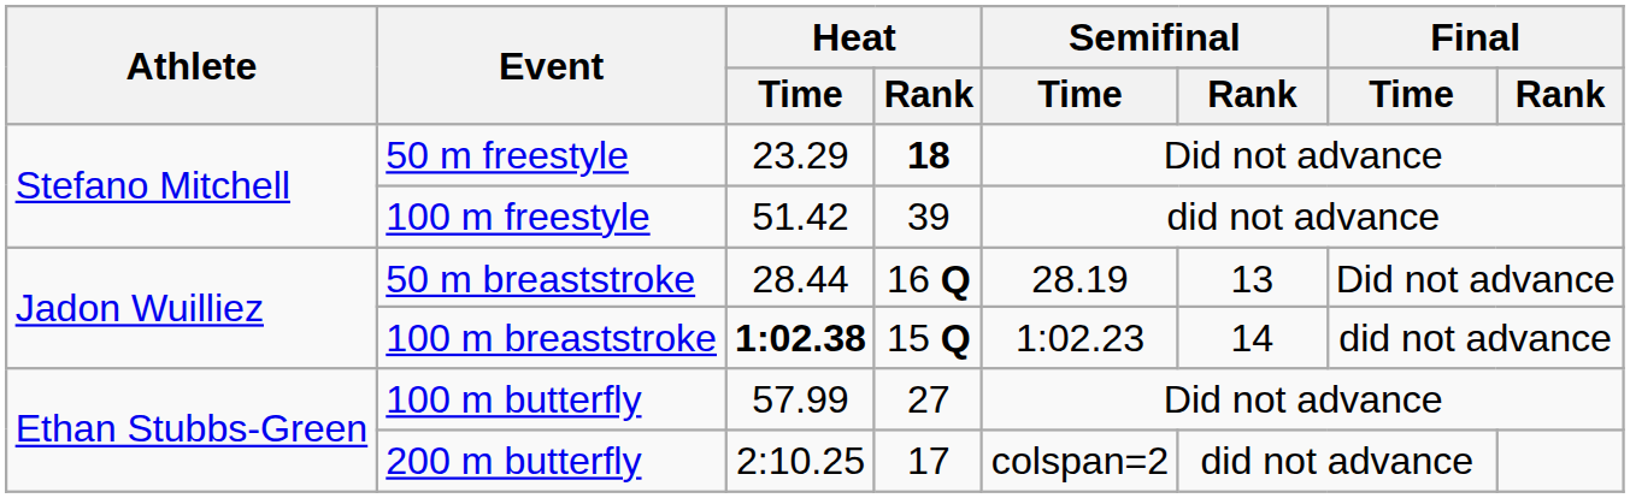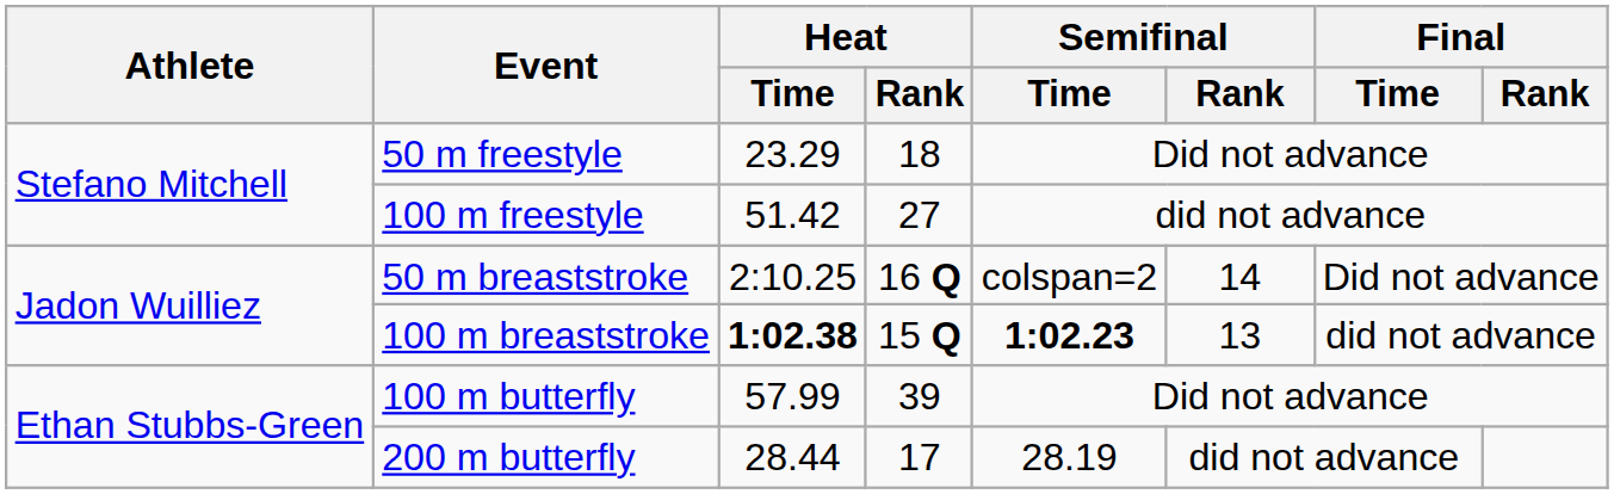 <table class=wikitable style=font-size:90%>
 <tr>
 <th rowspan=2>Athlete</th>
 <th rowspan=2>Event</th>
 <th colspan=2>Heat</th>
 <th colspan=2>Semifinal</th>
 <th colspan=2>Final</th>
 </tr>
 <tr style=font-size:95%>
 <th>Time</th>
 <th>Rank</th>
 <th>Time</th>
 <th>Rank</th>
 <th>Time</th>
 <th>Rank</th>
 </tr>
 <tr align=center>
 <td align=left rowspan=2><a href='#'>Stefano Mitchell</a></td>
 <td align=left rowspan="1"><a href='#'>50 m freestyle</a></td>
 <td>23.29</td>
-<td><strong>18</strong></td>
+<td>18</td>
 <td colspan="4">Did not advance</td>
 </tr>
 <tr align=center>
 <td align=left rowspan="1"><a href='#'>100 m freestyle</a></td>
 <td>51.42</td>
-<td>39</td>
+<td>27</td>
 <td colspan=4>did not advance</td>
 </tr>
 <tr align=center>
 <td align=left rowspan=2><a href='#'>Jadon Wuilliez</a></td>
 <td align=left><a href='#'>50 m breaststroke</a></td>
-<td>28.44</td>
+<td>2:10.25</td>
 <td>16 <strong>Q</strong></td>
-<td>28.19</td>
-<td>13</td>
+<td>colspan=2 </td>
+<td>14</td>
 <td colspan="2">Did not advance</td>
 </tr>
 <tr align=center>
 <td align=left rowspan="1"><a href='#'>100 m breaststroke</a></td>
 <td><strong>1:02.38</strong></td>
 <td>15 <strong>Q</strong></td>
-<td>1:02.23</td>
-<td>14</td>
+<td><strong>1:02.23</strong></td>
+<td>13</td>
 <td colspan=2>did not advance</td>
 </tr>
 <tr align=center>
 <td align=left rowspan=2><a href='#'>Ethan Stubbs-Green</a></td>
 <td align=left rowspan="1"><a href='#'>100 m butterfly</a></td>
 <td>57.99</td>
-<td>27</td>
+<td>39</td>
 <td colspan="4">Did not advance</td>
 </tr>
 <tr align=center>
 <td align=left rowspan="1"><a href='#'>200 m butterfly</a></td>
-<td>2:10.25</td>
+<td>28.44</td>
 <td>17</td>
-<td>colspan=2 </td>
+<td>28.19</td>
 <td colspan=2>did not advance</td>
 </tr>
 </table>
